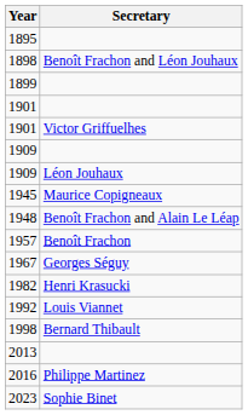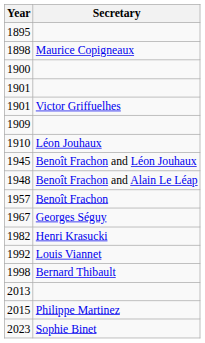 <table class="wikitable">
 <tr>
 <th>Year</th>
 <th>Secretary</th>
 </tr>
 <tr>
 <td>1895</td>
 <td></td>
 </tr>
 <tr>
 <td>1898</td>
-<td><a href='#'>Benoît Frachon</a> and <a href='#'>Léon Jouhaux</a></td>
+<td><a href='#'>Maurice Copigneaux</a></td>
 </tr>
 <tr>
-<td>1899</td>
+<td>1900</td>
 <td></td>
 </tr>
 <tr>
 <td>1901</td>
 <td></td>
 </tr>
 <tr>
 <td>1901</td>
 <td><a href='#'>Victor Griffuelhes</a></td>
 </tr>
 <tr>
 <td>1909</td>
 <td></td>
 </tr>
 <tr>
-<td>1909</td>
+<td>1910</td>
 <td><a href='#'>Léon Jouhaux</a></td>
 </tr>
 <tr>
 <td>1945</td>
-<td><a href='#'>Maurice Copigneaux</a></td>
+<td><a href='#'>Benoît Frachon</a> and <a href='#'>Léon Jouhaux</a></td>
 </tr>
 <tr>
 <td>1948</td>
 <td><a href='#'>Benoît Frachon</a> and <a href='#'>Alain Le Léap</a></td>
 </tr>
 <tr>
 <td>1957</td>
 <td><a href='#'>Benoît Frachon</a></td>
 </tr>
 <tr>
 <td>1967</td>
 <td><a href='#'>Georges Séguy</a></td>
 </tr>
 <tr>
 <td>1982</td>
 <td><a href='#'>Henri Krasucki</a></td>
 </tr>
 <tr>
 <td>1992</td>
 <td><a href='#'>Louis Viannet</a></td>
 </tr>
 <tr>
 <td>1998</td>
 <td><a href='#'>Bernard Thibault</a></td>
 </tr>
 <tr>
 <td>2013</td>
 <td></td>
 </tr>
 <tr>
-<td>2016</td>
+<td>2015</td>
 <td><a href='#'>Philippe Martinez</a></td>
 </tr>
 <tr>
 <td>2023</td>
 <td><a href='#'>Sophie Binet</a></td>
 </tr>
 </table>
